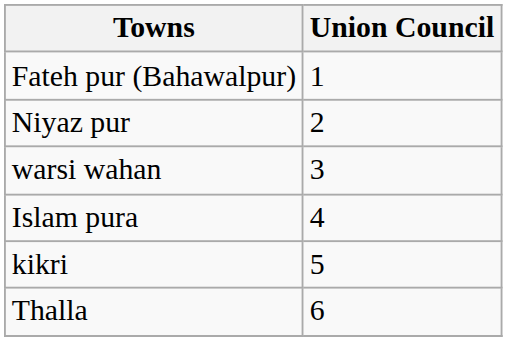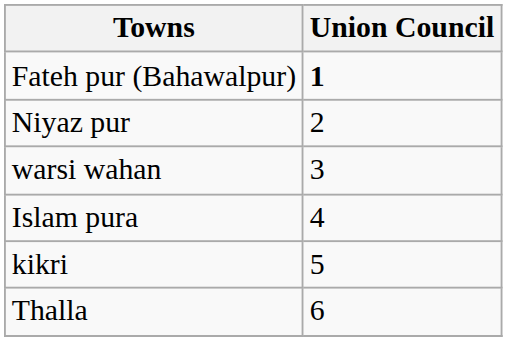 <table class="wikitable sortable">
 <tr>
 <th>Towns</th>
 <th>Union Council</th>
 </tr>
 <tr>
 <td>Fateh pur (Bahawalpur)</td>
-<td>1</td>
+<td><strong>1</strong></td>
 </tr>
 <tr>
 <td>Niyaz pur</td>
 <td>2</td>
 </tr>
 <tr>
 <td>warsi wahan</td>
 <td>3</td>
 </tr>
 <tr>
 <td>Islam pura</td>
 <td>4</td>
 </tr>
 <tr>
 <td>kikri</td>
 <td>5</td>
 </tr>
 <tr>
 <td>Thalla</td>
 <td>6</td>
 </tr>
 <tr>
 </tr>
 </table>
